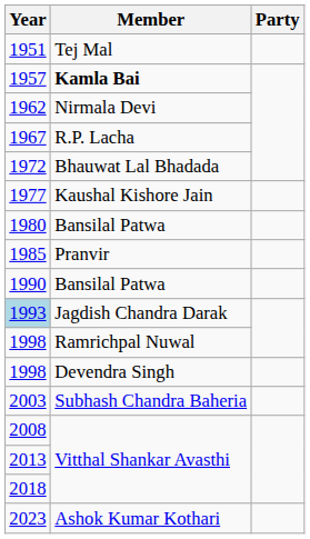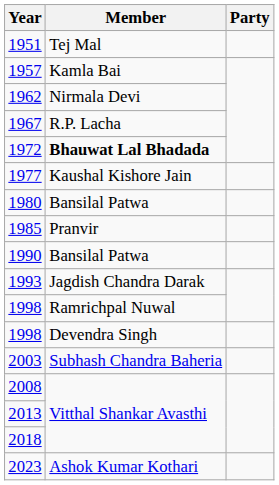 <table class="wikitable sortable">
 <tr>
 <th>Year</th>
 <th>Member</th>
 <th colspan="2">Party</th>
 </tr>
 <tr>
 <td><a href='#'>1951</a></td>
 <td>Tej Mal</td>
 <td></td>
 </tr>
 <tr>
 <td><a href='#'>1957</a></td>
-<td><strong>Kamla Bai</strong></td>
+<td>Kamla Bai</td>
 </tr>
 <tr>
 <td><a href='#'>1962</a></td>
 <td>Nirmala Devi</td>
 </tr>
 <tr>
 <td><a href='#'>1967</a></td>
 <td>R.P. Lacha</td>
 </tr>
 <tr>
 <td><a href='#'>1972</a></td>
-<td>Bhauwat Lal Bhadada</td>
+<td><strong>Bhauwat Lal Bhadada</strong></td>
 </tr>
 <tr>
 <td><a href='#'>1977</a></td>
 <td>Kaushal Kishore Jain</td>
 <td></td>
 </tr>
 <tr>
 <td><a href='#'>1980</a></td>
 <td>Bansilal Patwa</td>
 <td></td>
 </tr>
 <tr>
 <td><a href='#'>1985</a></td>
 <td>Pranvir</td>
 <td></td>
 </tr>
 <tr>
 <td><a href='#'>1990</a></td>
 <td>Bansilal Patwa</td>
 <td></td>
 </tr>
 <tr>
-<td style="background: lightblue;"><a href='#'>1993</a></td>
+<td><a href='#'>1993</a></td>
 <td>Jagdish Chandra Darak</td>
 </tr>
 <tr>
 <td><a href='#'>1998</a></td>
 <td>Ramrichpal Nuwal</td>
 </tr>
 <tr>
 <td><a href='#'>1998</a></td>
 <td>Devendra Singh</td>
 <td></td>
 </tr>
 <tr>
 <td><a href='#'>2003</a></td>
 <td><a href='#'>Subhash Chandra Baheria</a></td>
 <td></td>
 </tr>
 <tr>
 <td><a href='#'>2008</a></td>
 <td rowspan=3><a href='#'>Vitthal Shankar Avasthi</a></td>
 </tr>
 <tr>
 <td><a href='#'>2013</a></td>
 </tr>
 <tr>
 <td><a href='#'>2018</a></td>
 </tr>
 <tr>
 <td><a href='#'>2023</a></td>
 <td><a href='#'>Ashok Kumar Kothari</a></td>
 <td></td>
 </tr>
 </table>
